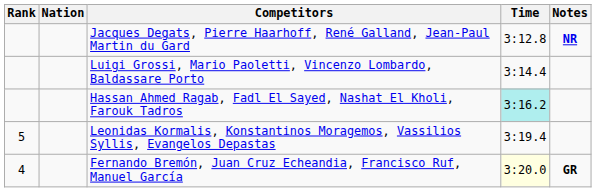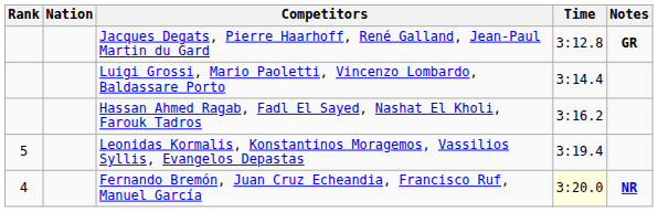 <table class="wikitable sortable" style="text-align:center; font-size:95%">
 <tr>
 <th>Rank</th>
 <th>Nation</th>
 <th>Competitors</th>
 <th>Time</th>
 <th>Notes</th>
 </tr>
 <tr>
 <td></td>
 <td align=left></td>
 <td align=left><a href='#'>Jacques Degats</a>, <a href='#'>Pierre Haarhoff</a>, <a href='#'>René Galland</a>, <a href='#'>Jean-Paul Martin du Gard</a></td>
 <td>3:12.8</td>
-<td><strong><a href='#'>NR</a></strong></td>
+<td><strong>GR</strong></td>
 </tr>
 <tr>
 <td></td>
 <td align=left></td>
 <td align=left><a href='#'>Luigi Grossi</a>, <a href='#'>Mario Paoletti</a>, <a href='#'>Vincenzo Lombardo</a>, <a href='#'>Baldassare Porto</a></td>
 <td>3:14.4</td>
 <td></td>
 </tr>
 <tr>
 <td></td>
 <td align=left></td>
 <td align=left><a href='#'>Hassan Ahmed Ragab</a>, <a href='#'>Fadl El Sayed</a>, <a href='#'>Nashat El Kholi</a>, <a href='#'>Farouk Tadros</a></td>
-<td style="background: paleturquoise;">3:16.2</td>
+<td>3:16.2</td>
 <td></td>
 </tr>
 <tr>
 <td>5</td>
 <td align=left></td>
 <td align=left><a href='#'>Leonidas Kormalis</a>, <a href='#'>Konstantinos Moragemos</a>, <a href='#'>Vassilios Syllis</a>, <a href='#'>Evangelos Depastas</a></td>
 <td>3:19.4</td>
 <td></td>
 </tr>
 <tr>
 <td>4</td>
 <td align=left></td>
 <td align=left><a href='#'>Fernando Bremón</a>, <a href='#'>Juan Cruz Echeandia</a>, <a href='#'>Francisco Ruf</a>, <a href='#'>Manuel García</a></td>
 <td style="background: lightyellow;">3:20.0</td>
-<td><strong>GR</strong></td>
+<td><strong><a href='#'>NR</a></strong></td>
 </tr>
 </table>
